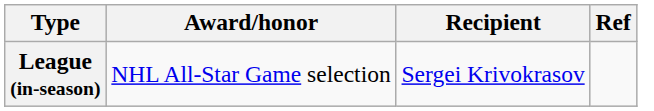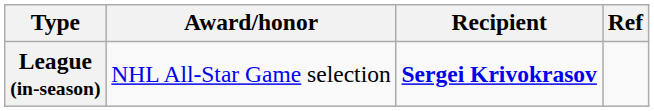 <table class="wikitable">
 <tr>
 <th scope="col">Type</th>
 <th scope="col">Award/honor</th>
 <th scope="col">Recipient</th>
 <th scope="col">Ref</th>
 </tr>
 <tr>
 <th scope="row">League<br><small>(in-season)</small></th>
 <td><a href='#'>NHL All-Star Game</a> selection</td>
-<td><a href='#'>Sergei Krivokrasov</a></td>
+<td><strong><a href='#'>Sergei Krivokrasov</a></strong></td>
 <td></td>
 </tr>
 </table>
